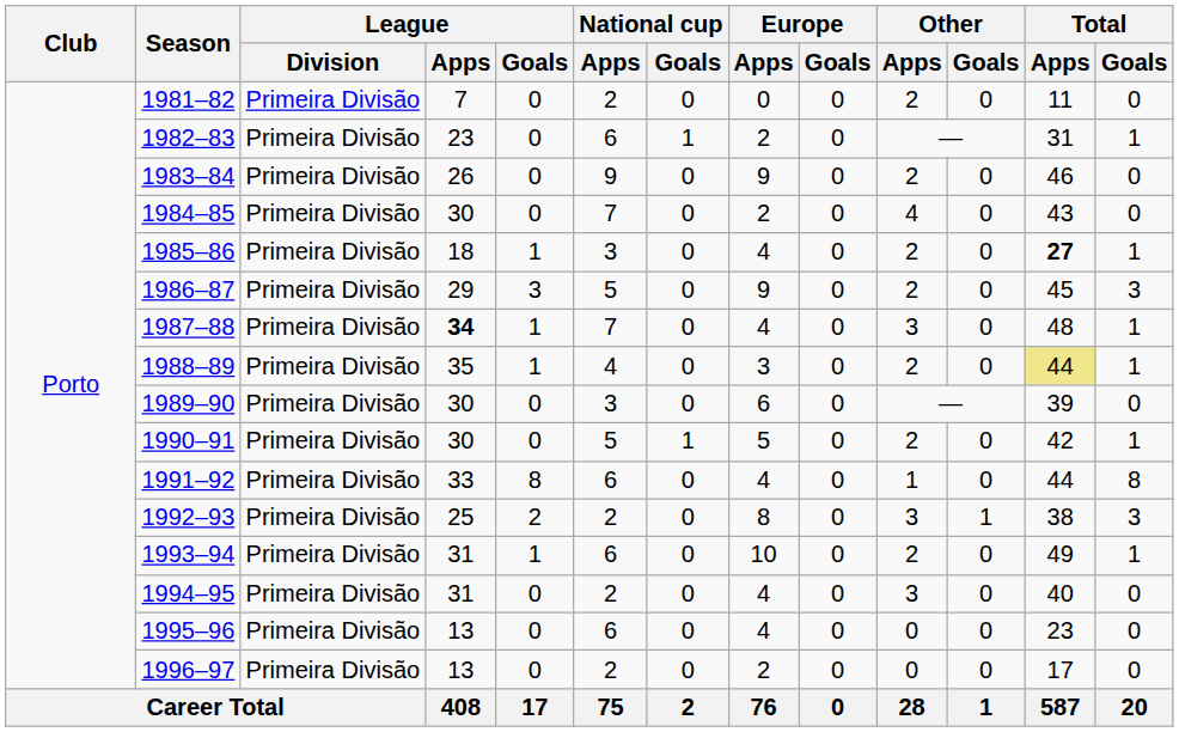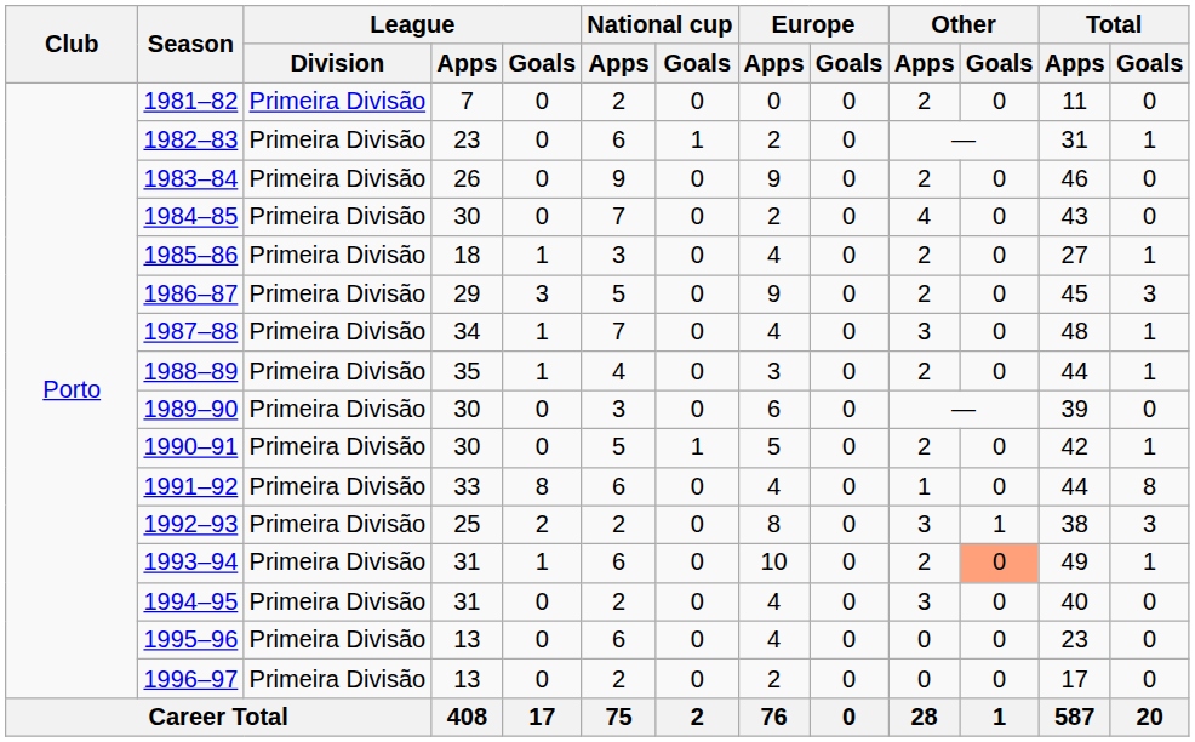 <table class="wikitable" style="text-align:center">
 <tr>
 <th rowspan="2" width="80">Club</th>
 <th rowspan="2">Season</th>
 <th colspan="3">League</th>
 <th colspan="2">National cup</th>
 <th colspan="2">Europe</th>
 <th colspan="2">Other</th>
 <th colspan="2">Total</th>
 </tr>
 <tr>
 <th>Division</th>
 <th>Apps</th>
 <th>Goals</th>
 <th>Apps</th>
 <th>Goals</th>
 <th>Apps</th>
 <th>Goals</th>
 <th>Apps</th>
 <th>Goals</th>
 <th>Apps</th>
 <th>Goals</th>
 </tr>
 <tr>
 <td rowspan="16"><a href='#'>Porto</a></td>
 <td><a href='#'>1981–82</a></td>
 <td><a href='#'>Primeira Divisão</a></td>
 <td>7</td>
 <td>0</td>
 <td>2</td>
 <td>0</td>
 <td>0</td>
 <td>0</td>
 <td>2</td>
 <td>0</td>
 <td>11</td>
 <td>0</td>
 </tr>
 <tr>
 <td><a href='#'>1982–83</a></td>
 <td>Primeira Divisão</td>
 <td>23</td>
 <td>0</td>
 <td>6</td>
 <td>1</td>
 <td>2</td>
 <td>0</td>
 <td colspan=2>—</td>
 <td>31</td>
 <td>1</td>
 </tr>
 <tr>
 <td><a href='#'>1983–84</a></td>
 <td>Primeira Divisão</td>
 <td>26</td>
 <td>0</td>
 <td>9</td>
 <td>0</td>
 <td>9</td>
 <td>0</td>
 <td>2</td>
 <td>0</td>
 <td>46</td>
 <td>0</td>
 </tr>
 <tr>
 <td><a href='#'>1984–85</a></td>
 <td>Primeira Divisão</td>
 <td>30</td>
 <td>0</td>
 <td>7</td>
 <td>0</td>
 <td>2</td>
 <td>0</td>
 <td>4</td>
 <td>0</td>
 <td>43</td>
 <td>0</td>
 </tr>
 <tr>
 <td><a href='#'>1985–86</a></td>
 <td>Primeira Divisão</td>
 <td>18</td>
 <td>1</td>
 <td>3</td>
 <td>0</td>
 <td>4</td>
 <td>0</td>
 <td>2</td>
 <td>0</td>
-<td><strong>27</strong></td>
+<td>27</td>
 <td>1</td>
 </tr>
 <tr>
 <td><a href='#'>1986–87</a></td>
 <td>Primeira Divisão</td>
 <td>29</td>
 <td>3</td>
 <td>5</td>
 <td>0</td>
 <td>9</td>
 <td>0</td>
 <td>2</td>
 <td>0</td>
 <td>45</td>
 <td>3</td>
 </tr>
 <tr>
 <td><a href='#'>1987–88</a></td>
 <td>Primeira Divisão</td>
-<td><strong>34</strong></td>
+<td>34</td>
 <td>1</td>
 <td>7</td>
 <td>0</td>
 <td>4</td>
 <td>0</td>
 <td>3</td>
 <td>0</td>
 <td>48</td>
 <td>1</td>
 </tr>
 <tr>
 <td><a href='#'>1988–89</a></td>
 <td>Primeira Divisão</td>
 <td>35</td>
 <td>1</td>
 <td>4</td>
 <td>0</td>
 <td>3</td>
 <td>0</td>
 <td>2</td>
 <td>0</td>
-<td style="background: khaki;">44</td>
+<td>44</td>
 <td>1</td>
 </tr>
 <tr>
 <td><a href='#'>1989–90</a></td>
 <td>Primeira Divisão</td>
 <td>30</td>
 <td>0</td>
 <td>3</td>
 <td>0</td>
 <td>6</td>
 <td>0</td>
 <td colspan=2>—</td>
 <td>39</td>
 <td>0</td>
 </tr>
 <tr>
 <td><a href='#'>1990–91</a></td>
 <td>Primeira Divisão</td>
 <td>30</td>
 <td>0</td>
 <td>5</td>
 <td>1</td>
 <td>5</td>
 <td>0</td>
 <td>2</td>
 <td>0</td>
 <td>42</td>
 <td>1</td>
 </tr>
 <tr>
 <td><a href='#'>1991–92</a></td>
 <td>Primeira Divisão</td>
 <td>33</td>
 <td>8</td>
 <td>6</td>
 <td>0</td>
 <td>4</td>
 <td>0</td>
 <td>1</td>
 <td>0</td>
 <td>44</td>
 <td>8</td>
 </tr>
 <tr>
 <td><a href='#'>1992–93</a></td>
 <td>Primeira Divisão</td>
 <td>25</td>
 <td>2</td>
 <td>2</td>
 <td>0</td>
 <td>8</td>
 <td>0</td>
 <td>3</td>
 <td>1</td>
 <td>38</td>
 <td>3</td>
 </tr>
 <tr>
 <td><a href='#'>1993–94</a></td>
 <td>Primeira Divisão</td>
 <td>31</td>
 <td>1</td>
 <td>6</td>
 <td>0</td>
 <td>10</td>
 <td>0</td>
 <td>2</td>
-<td>0</td>
+<td style="background: lightsalmon;">0</td>
 <td>49</td>
 <td>1</td>
 </tr>
 <tr>
 <td><a href='#'>1994–95</a></td>
 <td>Primeira Divisão</td>
 <td>31</td>
 <td>0</td>
 <td>2</td>
 <td>0</td>
 <td>4</td>
 <td>0</td>
 <td>3</td>
 <td>0</td>
 <td>40</td>
 <td>0</td>
 </tr>
 <tr>
 <td><a href='#'>1995–96</a></td>
 <td>Primeira Divisão</td>
 <td>13</td>
 <td>0</td>
 <td>6</td>
 <td>0</td>
 <td>4</td>
 <td>0</td>
 <td>0</td>
 <td>0</td>
 <td>23</td>
 <td>0</td>
 </tr>
 <tr>
 <td><a href='#'>1996–97</a></td>
 <td>Primeira Divisão</td>
 <td>13</td>
 <td>0</td>
 <td>2</td>
 <td>0</td>
 <td>2</td>
 <td>0</td>
 <td>0</td>
 <td>0</td>
 <td>17</td>
 <td>0</td>
 </tr>
 <tr>
 <th colspan="3">Career Total</th>
 <th>408</th>
 <th>17</th>
 <th>75</th>
 <th>2</th>
 <th>76</th>
 <th>0</th>
 <th>28</th>
 <th>1</th>
 <th>587</th>
 <th>20</th>
 </tr>
 </table>
